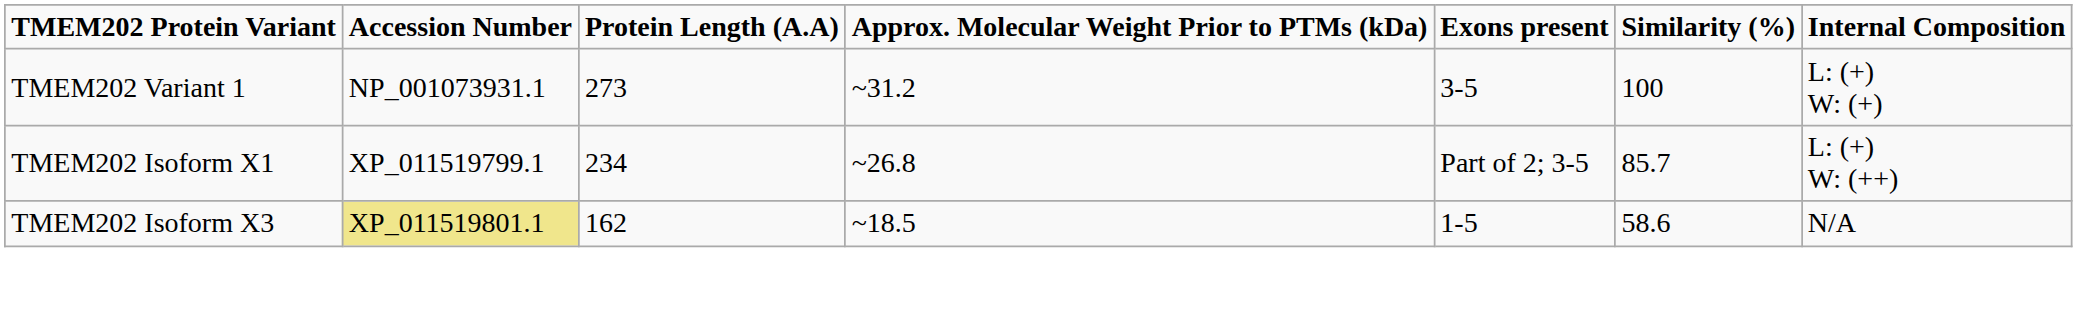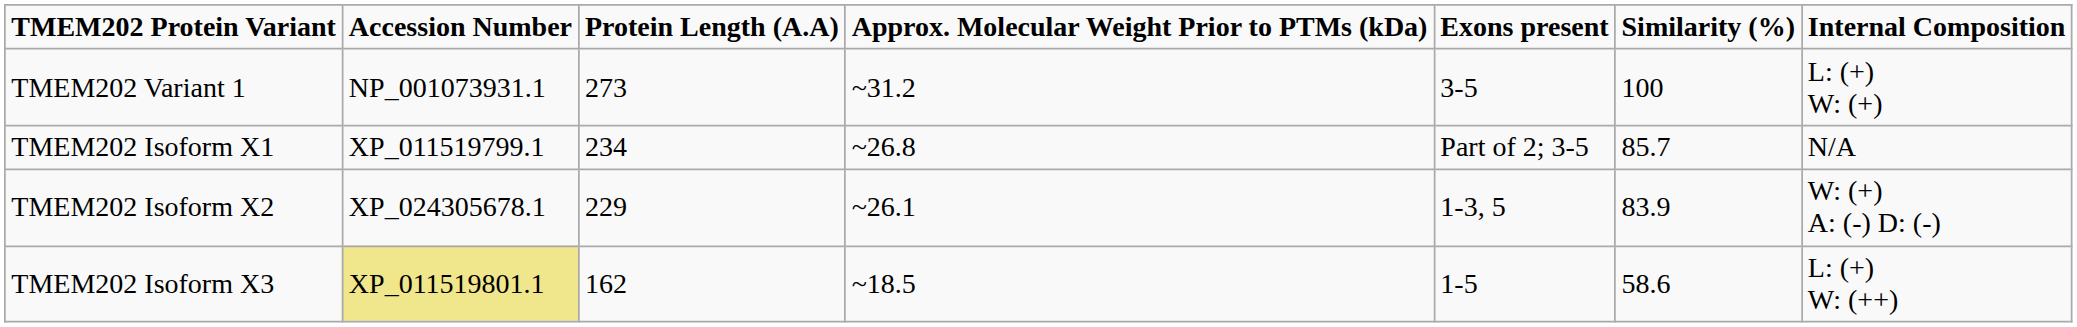 <table class="wikitable sortable mw-collapsible">
 <tr>
 <td><strong>TMEM202 Protein  Variant</strong></td>
 <td><strong>Accession Number</strong></td>
 <td><strong>Protein Length (A.A)</strong></td>
 <td><strong>Approx. Molecular Weight Prior to PTMs (kDa)</strong></td>
 <td><strong>Exons present</strong></td>
 <td><strong>Similarity (%)</strong></td>
 <td><strong>Internal Composition</strong></td>
 </tr>
 <tr>
 <td>TMEM202 Variant 1</td>
 <td>NP_001073931.1</td>
 <td>273</td>
 <td>~31.2</td>
 <td>3-5</td>
 <td>100</td>
 <td>L: (+)<br>W: (+)</td>
 </tr>
 <tr>
 <td>TMEM202 Isoform X1</td>
 <td>XP_011519799.1</td>
 <td>234</td>
 <td>~26.8</td>
 <td>Part of 2; 3-5</td>
 <td>85.7</td>
-<td>L: (+)<br>W: (++)</td>
+<td>N/A</td>
+</tr>
+<tr>
+<td>TMEM202 Isoform X2</td>
+<td>XP_024305678.1</td>
+<td>229</td>
+<td>~26.1</td>
+<td>1-3, 5</td>
+<td>83.9</td>
+<td>W: (+)<br>A: (-) D: (-)</td>
 </tr>
 <tr>
 <td>TMEM202 Isoform X3</td>
 <td style="background: khaki;">XP_011519801.1</td>
 <td>162</td>
 <td>~18.5</td>
 <td>1-5</td>
 <td>58.6</td>
-<td>N/A</td>
+<td>L: (+)<br>W: (++)</td>
 </tr>
 </table>
